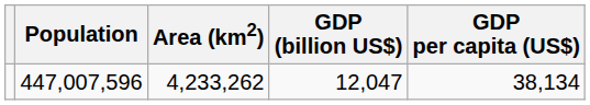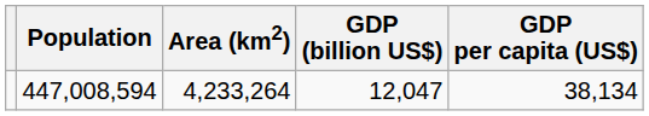 <table class="wikitable" style="text-align:right;">
 <tr>
 <th></th>
 <th>Population</th>
 <th>Area (km<sup>2</sup>)</th>
 <th>GDP <br>(billion US$)</th>
 <th>GDP <br>per capita (US$)</th>
 </tr>
 <tr>
 <td></td>
-<td>447,007,596</td>
-<td>4,233,262</td>
+<td>447,008,594</td>
+<td>4,233,264</td>
 <td>12,047</td>
 <td>38,134</td>
 </tr>
 </table>
